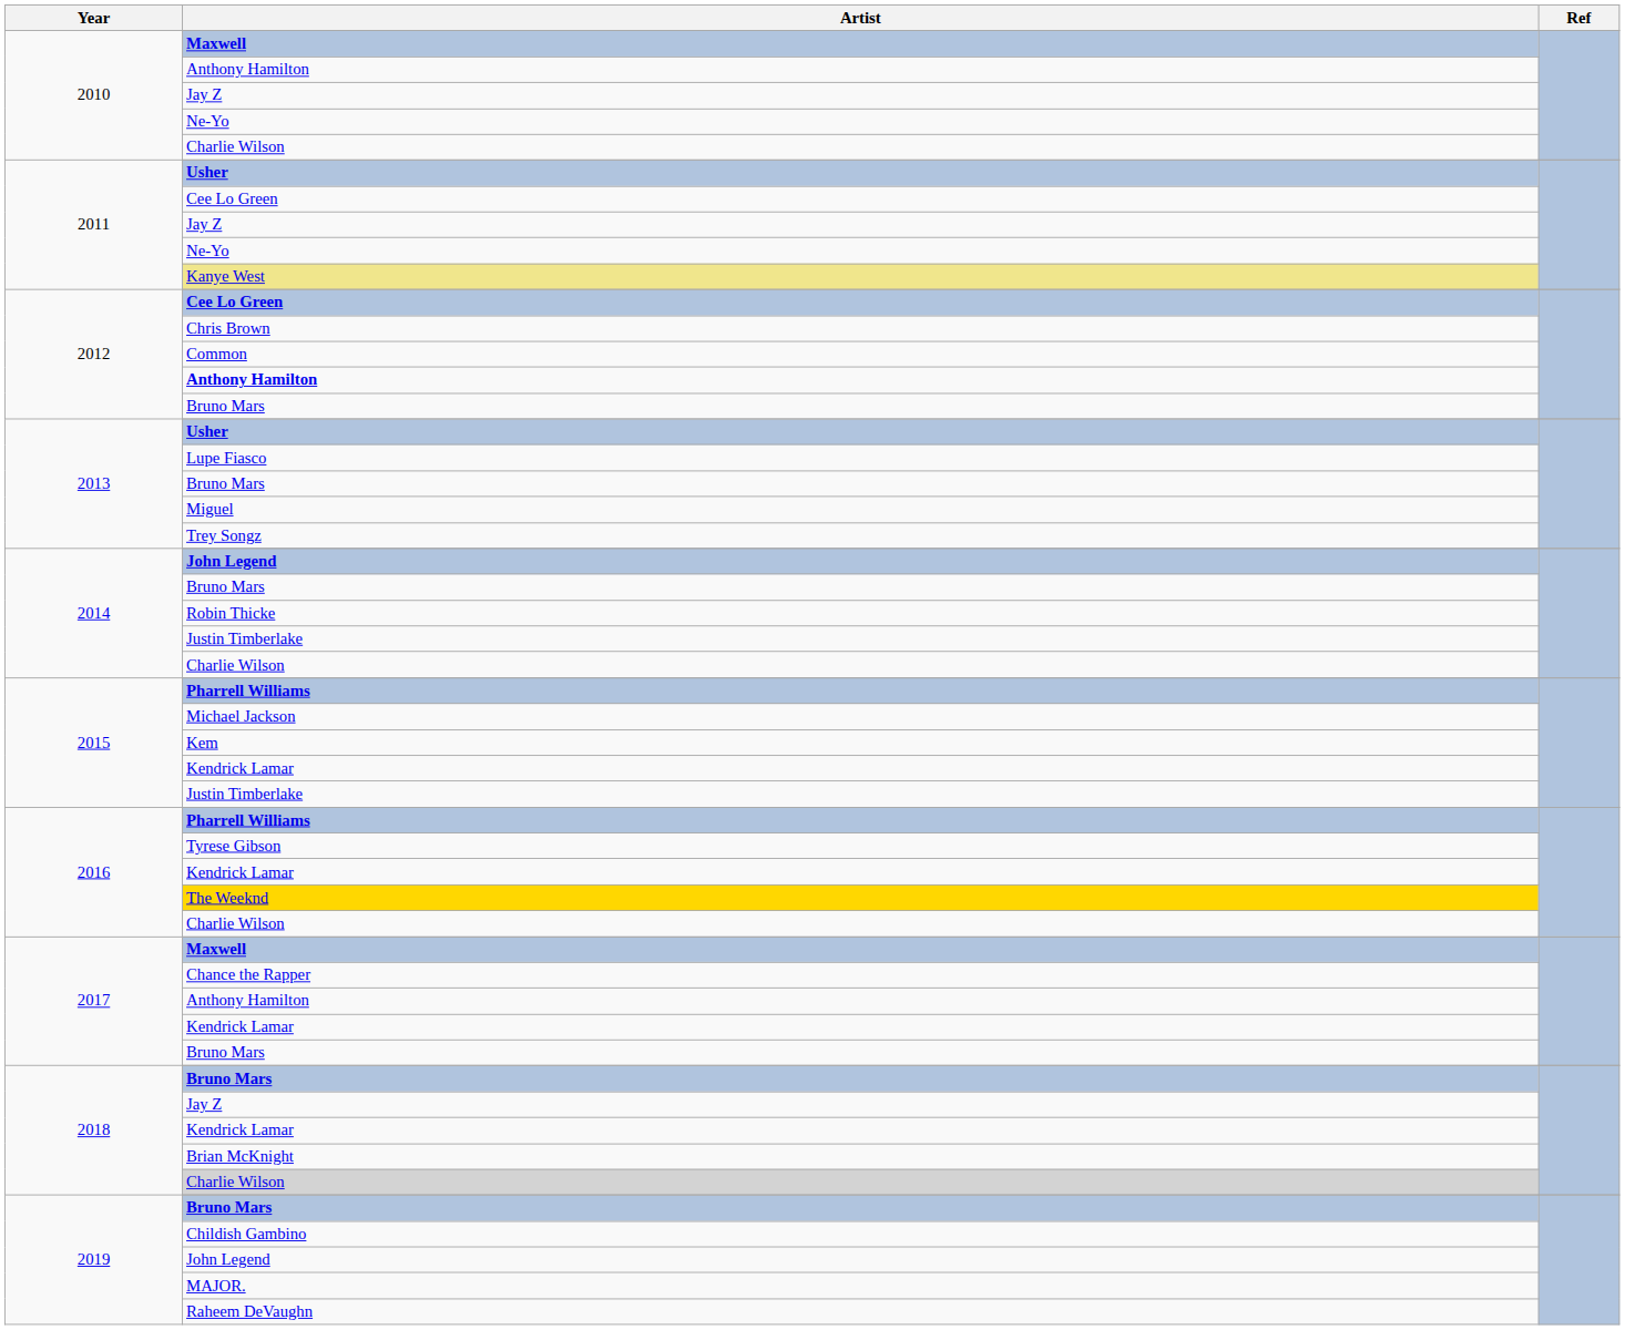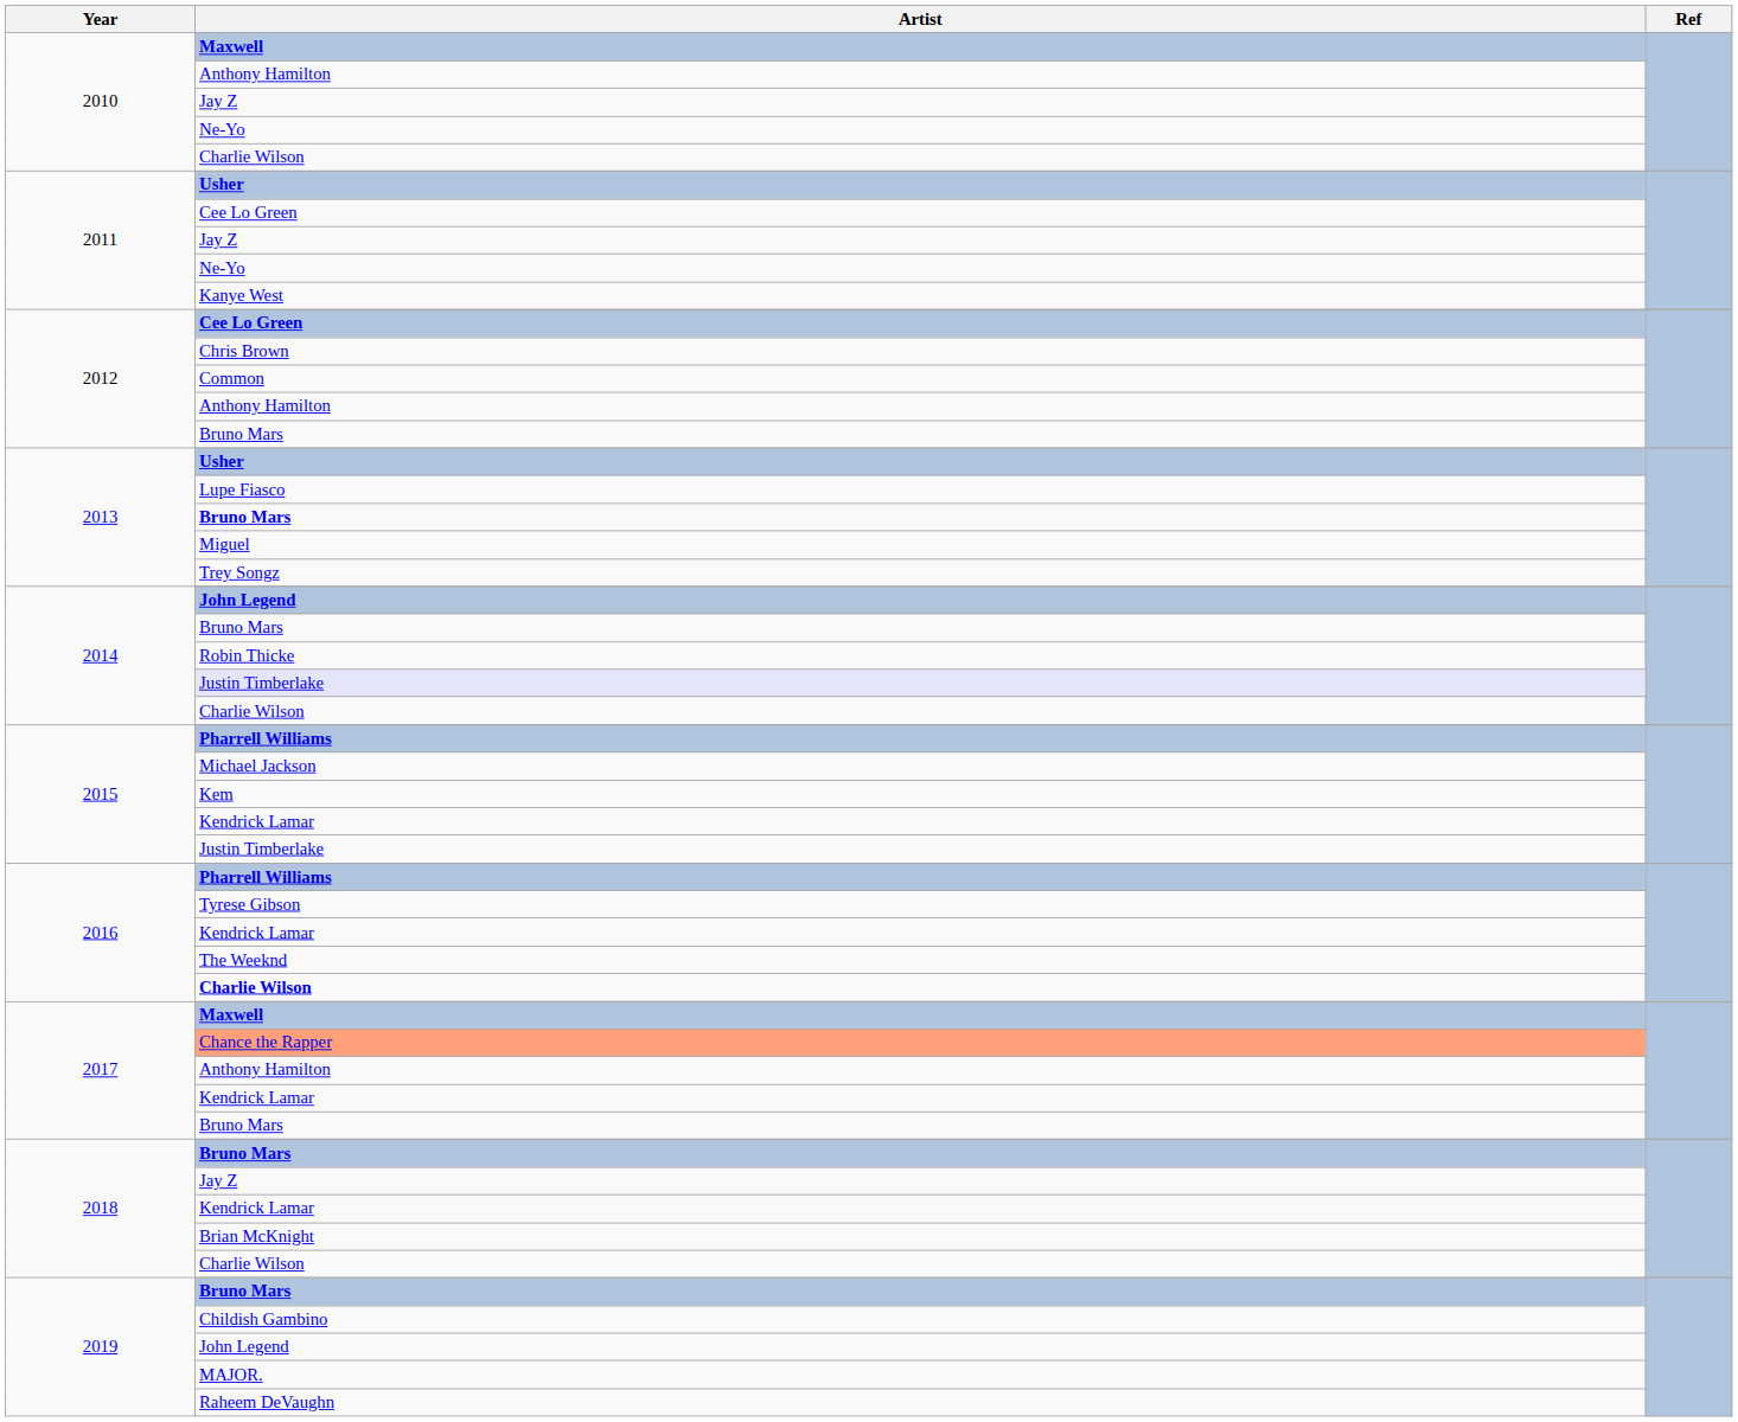 <table class="wikitable" style="width:100%;">
 <tr style="background:#bebebe;">
 <th style="width:11%;">Year</th>
 <th style="width:84%;">Artist</th>
 <th style="width:5%;">Ref</th>
 </tr>
 <tr>
 <td rowspan="6" align="center">2010</td>
 </tr>
 <tr style="background:#B0C4DE">
 <td><strong><a href='#'>Maxwell</a></strong></td>
 <td rowspan="5" align="center"></td>
 </tr>
 <tr>
 <td><a href='#'>Anthony Hamilton</a></td>
 </tr>
 <tr>
 <td><a href='#'>Jay Z</a></td>
 </tr>
 <tr>
 <td><a href='#'>Ne-Yo</a></td>
 </tr>
 <tr>
 <td><a href='#'>Charlie Wilson</a></td>
 </tr>
 <tr>
 <td rowspan="6" align="center">2011</td>
 </tr>
 <tr style="background:#B0C4DE">
 <td><strong><a href='#'>Usher</a></strong></td>
 <td rowspan="5" align="center"></td>
 </tr>
 <tr>
 <td><a href='#'>Cee Lo Green</a></td>
 </tr>
 <tr>
 <td><a href='#'>Jay Z</a></td>
 </tr>
 <tr>
 <td><a href='#'>Ne-Yo</a></td>
 </tr>
 <tr>
-<td style="background: khaki;"><a href='#'>Kanye West</a></td>
+<td><a href='#'>Kanye West</a></td>
 </tr>
 <tr>
 <td rowspan="6" align="center">2012</td>
 </tr>
 <tr style="background:#B0C4DE">
 <td><strong><a href='#'>Cee Lo Green</a></strong></td>
 <td rowspan="5" align="center"></td>
 </tr>
 <tr>
 <td><a href='#'>Chris Brown</a></td>
 </tr>
 <tr>
 <td><a href='#'>Common</a></td>
 </tr>
 <tr>
-<td><strong><a href='#'>Anthony Hamilton</a></strong></td>
+<td><a href='#'>Anthony Hamilton</a></td>
 </tr>
 <tr>
 <td><a href='#'>Bruno Mars</a></td>
 </tr>
 <tr>
 <td rowspan="6" align="center"><a href='#'>2013</a></td>
 </tr>
 <tr style="background:#B0C4DE">
 <td><strong><a href='#'>Usher</a></strong></td>
 <td rowspan="5" align="center"></td>
 </tr>
 <tr>
 <td><a href='#'>Lupe Fiasco</a></td>
 </tr>
 <tr>
-<td><a href='#'>Bruno Mars</a></td>
+<td><strong><a href='#'>Bruno Mars</a></strong></td>
 </tr>
 <tr>
 <td><a href='#'>Miguel</a></td>
 </tr>
 <tr>
 <td><a href='#'>Trey Songz</a></td>
 </tr>
 <tr>
 <td rowspan="6" align="center"><a href='#'>2014</a></td>
 </tr>
 <tr style="background:#B0C4DE">
 <td><strong><a href='#'>John Legend</a></strong></td>
 <td rowspan="5" align="center"></td>
 </tr>
 <tr>
 <td><a href='#'>Bruno Mars</a></td>
 </tr>
 <tr>
 <td><a href='#'>Robin Thicke</a></td>
 </tr>
 <tr>
-<td><a href='#'>Justin Timberlake</a></td>
+<td style="background: lavender;"><a href='#'>Justin Timberlake</a></td>
 </tr>
 <tr>
 <td><a href='#'>Charlie Wilson</a></td>
 </tr>
 <tr>
 <td rowspan="6" align="center"><a href='#'>2015</a></td>
 </tr>
 <tr style="background:#B0C4DE">
 <td><strong><a href='#'>Pharrell Williams</a></strong></td>
 <td rowspan="5" align="center"></td>
 </tr>
 <tr>
 <td><a href='#'>Michael Jackson</a></td>
 </tr>
 <tr>
 <td><a href='#'>Kem</a></td>
 </tr>
 <tr>
 <td><a href='#'>Kendrick Lamar</a></td>
 </tr>
 <tr>
 <td><a href='#'>Justin Timberlake</a></td>
 </tr>
 <tr>
 <td rowspan="6" align="center"><a href='#'>2016</a></td>
 </tr>
 <tr style="background:#B0C4DE">
 <td><strong><a href='#'>Pharrell Williams</a></strong></td>
 <td rowspan="5" align="center"></td>
 </tr>
 <tr>
 <td><a href='#'>Tyrese Gibson</a></td>
 </tr>
 <tr>
 <td><a href='#'>Kendrick Lamar</a></td>
 </tr>
 <tr>
-<td style="background: gold;"><a href='#'>The Weeknd</a></td>
+<td><a href='#'>The Weeknd</a></td>
 </tr>
 <tr>
-<td><a href='#'>Charlie Wilson</a></td>
+<td><strong><a href='#'>Charlie Wilson</a></strong></td>
 </tr>
 <tr>
 <td rowspan="6" align="center"><a href='#'>2017</a></td>
 </tr>
 <tr style="background:#B0C4DE">
 <td><strong><a href='#'>Maxwell</a></strong></td>
 <td rowspan="5" align="center"></td>
 </tr>
 <tr>
-<td><a href='#'>Chance the Rapper</a></td>
+<td style="background: lightsalmon;"><a href='#'>Chance the Rapper</a></td>
 </tr>
 <tr>
 <td><a href='#'>Anthony Hamilton</a></td>
 </tr>
 <tr>
 <td><a href='#'>Kendrick Lamar</a></td>
 </tr>
 <tr>
 <td><a href='#'>Bruno Mars</a></td>
 </tr>
 <tr>
 <td rowspan="6" align="center"><a href='#'>2018</a></td>
 </tr>
 <tr style="background:#B0C4DE">
 <td><strong><a href='#'>Bruno Mars</a></strong></td>
 <td rowspan="5" align="center"></td>
 </tr>
 <tr>
 <td><a href='#'>Jay Z</a></td>
 </tr>
 <tr>
 <td><a href='#'>Kendrick Lamar</a></td>
 </tr>
 <tr>
 <td><a href='#'>Brian McKnight</a></td>
 </tr>
 <tr>
-<td style="background: lightgrey;"><a href='#'>Charlie Wilson</a></td>
+<td><a href='#'>Charlie Wilson</a></td>
 </tr>
 <tr>
 <td rowspan="6" align="center"><a href='#'>2019</a></td>
 </tr>
 <tr style="background:#B0C4DE">
 <td><strong><a href='#'>Bruno Mars</a></strong></td>
 <td rowspan="5" align="center"></td>
 </tr>
 <tr>
 <td><a href='#'>Childish Gambino</a></td>
 </tr>
 <tr>
 <td><a href='#'>John Legend</a></td>
 </tr>
 <tr>
 <td><a href='#'>MAJOR.</a></td>
 </tr>
 <tr>
 <td><a href='#'>Raheem DeVaughn</a></td>
 </tr>
 </table>
